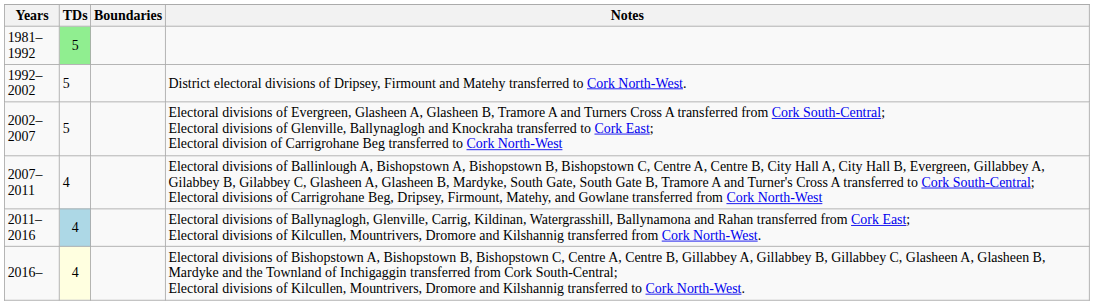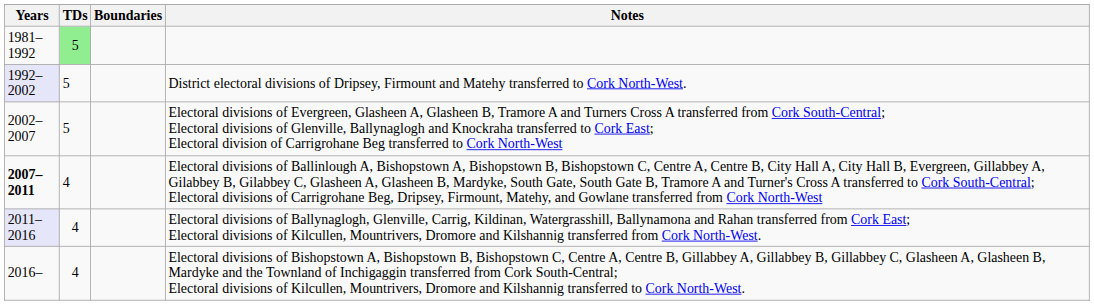 <table class="wikitable">
 <tr bgcolor="green">
 </tr>
 <tr>
 <th>Years</th>
 <th>TDs</th>
 <th>Boundaries</th>
 <th>Notes</th>
 </tr>
 <tr>
 <td>1981–1992</td>
 <td align="center" style="background: lightgreen;">5</td>
 <td><br></td>
 </tr>
 <tr>
-<td>1992–2002</td>
+<td style="background: lavender;">1992–2002</td>
 <td>5</td>
 <td><br></td>
 <td>District electoral divisions of Dripsey, Firmount and Matehy transferred to <a href='#'>Cork North-West</a>.</td>
 </tr>
 <tr>
 <td>2002–2007</td>
 <td>5</td>
 <td><br></td>
 <td>Electoral divisions of Evergreen, Glasheen A, Glasheen B, Tramore A and Turners Cross A transferred from <a href='#'>Cork South-Central</a>;<br>Electoral divisions of Glenville, Ballynaglogh and Knockraha transferred to <a href='#'>Cork East</a>;<br>Electoral division of Carrigrohane Beg transferred to <a href='#'>Cork North-West</a></td>
 </tr>
 <tr>
-<td>2007–2011</td>
+<td><strong>2007–2011</strong></td>
 <td>4</td>
 <td><br></td>
 <td>Electoral divisions of Ballinlough A, Bishopstown A, Bishopstown B, Bishopstown C, Centre A, Centre B, City Hall A, City Hall B, Evergreen, Gillabbey A, Gilabbey B, Gilabbey C, Glasheen A, Glasheen B, Mardyke, South Gate, South Gate B, Tramore A and Turner's Cross A transferred to <a href='#'>Cork South-Central</a>;<br>Electoral divisions of Carrigrohane Beg, Dripsey, Firmount, Matehy, and Gowlane transferred from <a href='#'>Cork North-West</a></td>
 </tr>
 <tr>
-<td>2011–2016</td>
-<td align="center" style="background: lightblue;">4</td>
+<td style="background: lavender;">2011–2016</td>
+<td align="center">4</td>
 <td><br></td>
 <td>Electoral divisions of Ballynaglogh, Glenville, Carrig, Kildinan, Watergrasshill, Ballynamona and Rahan transferred from <a href='#'>Cork East</a>;<br>Electoral divisions of Kilcullen, Mountrivers, Dromore and Kilshannig transferred from <a href='#'>Cork North-West</a>.</td>
 </tr>
 <tr>
 <td>2016–</td>
-<td align="center" style="background: lightyellow;">4</td>
+<td align="center">4</td>
 <td><br></td>
 <td>Electoral divisions of Bishopstown A, Bishopstown B, Bishopstown C, Centre A, Centre B, Gillabbey A, Gillabbey B, Gillabbey C, Glasheen A, Glasheen B, Mardyke and the Townland of Inchigaggin transferred from Cork South-Central;<br>Electoral divisions of Kilcullen, Mountrivers, Dromore and Kilshannig transferred to <a href='#'>Cork North-West</a>.</td>
 </tr>
 </table>
